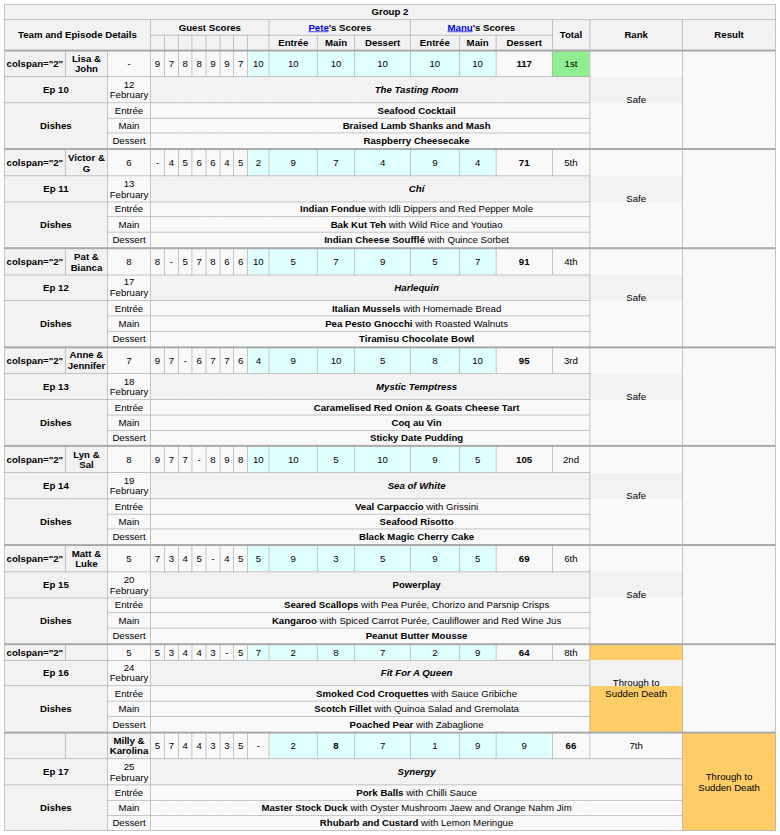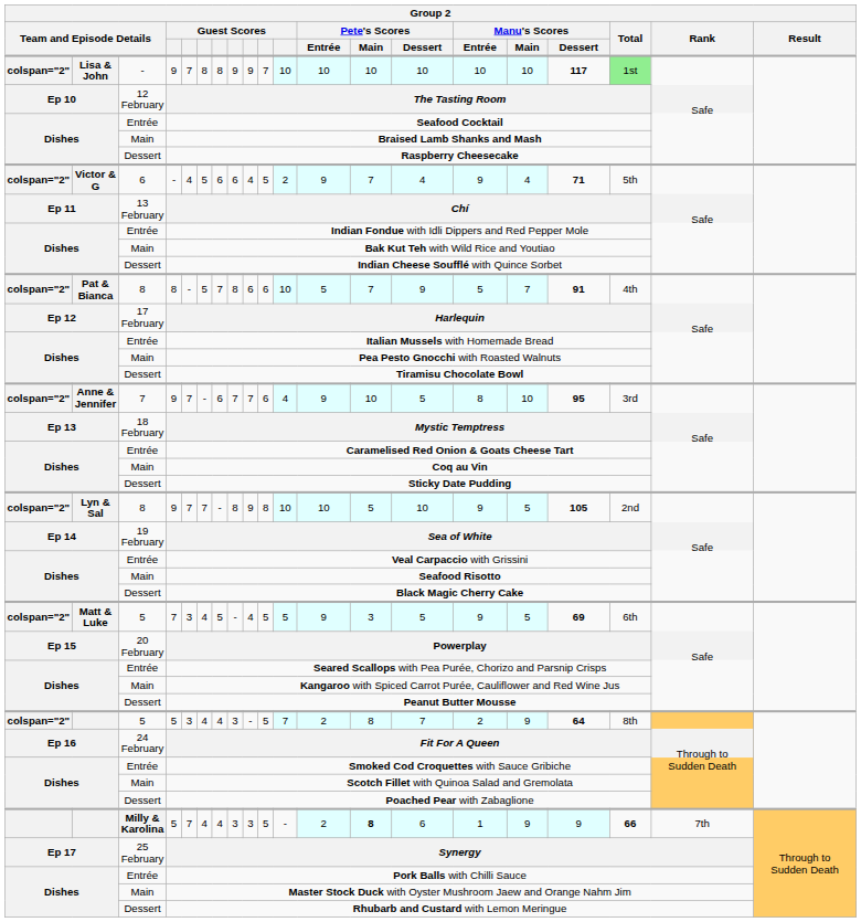 <table class="wikitable plainrowheaders" style="margin:1em auto; text-align:center; font-size:90%; width:80em;">
 <tr>
 <th colspan="20" >Group 2</th>
 </tr>
 <tr>
 <th scope="col" rowspan="2" colspan="3" style="width:5.5%">Team and Episode Details</th>
 <th scope="col" colspan="8">Guest Scores</th>
 <th scope="col" colspan="3"><a href='#'>Pete</a>'s Scores</th>
 <th scope="col" colspan="3"><a href='#'>Manu</a>'s Scores</th>
 <th scope="col" rowspan="2">Total<br><small></small></th>
 <th scope="col" rowspan="2">Rank</th>
 <th scope="col" rowspan="2">Result</th>
 </tr>
 <tr>
 <th scope="col"></th>
 <th scope="col"></th>
 <th scope="col"></th>
 <th scope="col"></th>
 <th scope="col"></th>
 <th scope="col"></th>
 <th scope="col"></th>
 <th scope="col"></th>
 <th scope="col">Entrée</th>
 <th scope="col">Main</th>
 <th scope="col">Dessert</th>
 <th scope="col">Entrée</th>
 <th scope="col">Main</th>
 <th scope="col">Dessert</th>
 </tr>
 <tr style="border-top:3px solid #aaa;">
 </tr>
 <tr>
 <th>colspan="2" </th>
 <th style="text-align:centre">Lisa & John</th>
 <td>-</td>
 <td>9</td>
 <td>7</td>
 <td>8</td>
 <td>8</td>
 <td>9</td>
 <td>9</td>
 <td>7</td>
 <td bgcolor="#e0ffff">10</td>
 <td bgcolor="#e0ffff">10</td>
 <td bgcolor="#e0ffff">10</td>
 <td bgcolor="#e0ffff">10</td>
 <td bgcolor="#e0ffff">10</td>
 <td bgcolor="#e0ffff">10</td>
 <td><strong>117</strong></td>
 <td bgcolor="lightgreen">1st</td>
 <td rowspan="5">Safe</td>
 </tr>
 <tr>
 <th colspan="2">Ep 10</th>
 <td>12 February</td>
 <th colspan="16"><em>The Tasting Room</em></th>
 </tr>
 <tr>
 <th colspan="2" rowspan="3">Dishes</th>
 <td>Entrée</td>
 <td colspan="16"><strong>Seafood Cocktail</strong></td>
 </tr>
 <tr>
 <td>Main</td>
 <td colspan="16"><strong>Braised Lamb Shanks and Mash</strong></td>
 </tr>
 <tr>
 <td>Dessert</td>
 <td colspan="16"><strong>Raspberry Cheesecake</strong></td>
 </tr>
 <tr style="border-top:3px solid #aaa;">
 <th>colspan="2" </th>
 <th style="text-align:centre">Victor & G</th>
 <td>6</td>
 <td>-</td>
 <td>4</td>
 <td>5</td>
 <td>6</td>
 <td>6</td>
 <td>4</td>
 <td>5</td>
 <td bgcolor="#e0ffff">2</td>
 <td bgcolor="#e0ffff">9</td>
 <td bgcolor="#e0ffff">7</td>
 <td bgcolor="#e0ffff">4</td>
 <td bgcolor="#e0ffff">9</td>
 <td bgcolor="#e0ffff">4</td>
 <td><strong>71</strong></td>
 <td>5th</td>
 <td rowspan="5">Safe</td>
 </tr>
 <tr>
 <th colspan="2">Ep 11</th>
 <td>13 February</td>
 <th colspan="16"><em>Chí</em></th>
 </tr>
 <tr>
 <th colspan="2" rowspan="3">Dishes</th>
 <td>Entrée</td>
 <td colspan="16"><strong>Indian Fondue</strong> with Idli Dippers and Red Pepper Mole</td>
 </tr>
 <tr>
 <td>Main</td>
 <td colspan="16"><strong>Bak Kut Teh</strong> with Wild Rice and Youtiao</td>
 </tr>
 <tr>
 <td>Dessert</td>
 <td colspan="16"><strong>Indian Cheese Soufflé</strong> with Quince Sorbet</td>
 </tr>
 <tr style="border-top:3px solid #aaa;">
 <th>colspan="2" </th>
 <th style="text-align:centre">Pat & Bianca</th>
 <td>8</td>
 <td>8</td>
 <td>-</td>
 <td>5</td>
 <td>7</td>
 <td>8</td>
 <td>6</td>
 <td>6</td>
 <td bgcolor="#e0ffff">10</td>
 <td bgcolor="#e0ffff">5</td>
 <td bgcolor="#e0ffff">7</td>
 <td bgcolor="#e0ffff">9</td>
 <td bgcolor="#e0ffff">5</td>
 <td bgcolor="#e0ffff">7</td>
 <td><strong>91</strong></td>
 <td>4th</td>
 <td rowspan="5">Safe</td>
 </tr>
 <tr>
 <th colspan="2">Ep 12</th>
 <td>17 February</td>
 <th colspan="16"><em>Harlequin</em></th>
 </tr>
 <tr>
 <th colspan="2" rowspan="3">Dishes</th>
 <td>Entrée</td>
 <td colspan="16"><strong>Italian Mussels</strong> with Homemade Bread</td>
 </tr>
 <tr>
 <td>Main</td>
 <td colspan="16"><strong>Pea Pesto Gnocchi</strong> with Roasted Walnuts</td>
 </tr>
 <tr>
 <td>Dessert</td>
 <td colspan="16"><strong> Tiramisu Chocolate Bowl</strong></td>
 </tr>
 <tr style="border-top:3px solid #aaa;">
 <th>colspan="2" </th>
 <th style="text-align:centre">Anne & Jennifer</th>
 <td>7</td>
 <td>9</td>
 <td>7</td>
 <td>-</td>
 <td>6</td>
 <td>7</td>
 <td>7</td>
 <td>6</td>
 <td bgcolor="#e0ffff">4</td>
 <td bgcolor="#e0ffff">9</td>
 <td bgcolor="#e0ffff">10</td>
 <td bgcolor="#e0ffff">5</td>
 <td bgcolor="#e0ffff">8</td>
 <td bgcolor="#e0ffff">10</td>
 <td><strong>95</strong></td>
 <td>3rd</td>
 <td rowspan="5">Safe</td>
 </tr>
 <tr>
 <th colspan="2">Ep 13</th>
 <td>18 February</td>
 <th colspan="16"><em>Mystic Temptress</em></th>
 </tr>
 <tr>
 <th colspan="2" rowspan="3">Dishes</th>
 <td>Entrée</td>
 <td colspan="16"><strong>Caramelised Red Onion & Goats Cheese Tart</strong></td>
 </tr>
 <tr>
 <td>Main</td>
 <td colspan="16"><strong>Coq au Vin</strong></td>
 </tr>
 <tr>
 <td>Dessert</td>
 <td colspan="16"><strong>Sticky Date Pudding</strong></td>
 </tr>
 <tr style="border-top:3px solid #aaa;">
 <th>colspan="2" </th>
 <th style="text-align:centre">Lyn & Sal</th>
 <td>8</td>
 <td>9</td>
 <td>7</td>
 <td>7</td>
 <td>-</td>
 <td>8</td>
 <td>9</td>
 <td>8</td>
 <td bgcolor="#e0ffff">10</td>
 <td bgcolor="#e0ffff">10</td>
 <td bgcolor="#e0ffff">5</td>
 <td bgcolor="#e0ffff">10</td>
 <td bgcolor="#e0ffff">9</td>
 <td bgcolor="#e0ffff">5</td>
 <td><strong>105</strong></td>
 <td>2nd</td>
 <td rowspan="5">Safe</td>
 </tr>
 <tr>
 <th colspan="2">Ep 14</th>
 <td>19 February</td>
 <th colspan="16"><em>Sea of White</em></th>
 </tr>
 <tr>
 <th colspan="2" rowspan="3">Dishes</th>
 <td>Entrée</td>
 <td colspan="16"><strong>Veal Carpaccio</strong> with Grissini</td>
 </tr>
 <tr>
 <td>Main</td>
 <td colspan="16"><strong>Seafood Risotto</strong></td>
 </tr>
 <tr>
 <td>Dessert</td>
 <td colspan="16"><strong>Black Magic Cherry Cake</strong></td>
 </tr>
 <tr style="border-top:3px solid #aaa;">
 <th>colspan="2" </th>
 <th style="text-align:centre">Matt & Luke</th>
 <td>5</td>
 <td>7</td>
 <td>3</td>
 <td>4</td>
 <td>5</td>
 <td>-</td>
 <td>4</td>
 <td>5</td>
 <td bgcolor="#e0ffff">5</td>
 <td bgcolor="#e0ffff">9</td>
 <td bgcolor="#e0ffff">3</td>
 <td bgcolor="#e0ffff">5</td>
 <td bgcolor="#e0ffff">9</td>
 <td bgcolor="#e0ffff">5</td>
 <td><strong>69</strong></td>
 <td>6th</td>
 <td rowspan="5">Safe</td>
 </tr>
 <tr>
 <th colspan="2">Ep 15</th>
 <td>20 February</td>
 <th colspan="16">Powerplay</th>
 </tr>
 <tr>
 <th colspan="2" rowspan="3">Dishes</th>
 <td>Entrée</td>
 <td colspan="16"><strong>Seared Scallops</strong> with Pea Purée, Chorizo and Parsnip Crisps</td>
 </tr>
 <tr>
 <td>Main</td>
 <td colspan="16"><strong>Kangaroo</strong> with Spiced Carrot Purée, Cauliflower and Red Wine Jus</td>
 </tr>
 <tr>
 <td>Dessert</td>
 <td colspan="16"><strong>Peanut Butter Mousse</strong></td>
 </tr>
 <tr style="border-top:3px solid #aaa;">
 <th>colspan="2" </th>
 <th style="text-align:centre"></th>
 <td>5</td>
 <td>5</td>
 <td>3</td>
 <td>4</td>
 <td>4</td>
 <td>3</td>
 <td>-</td>
 <td>5</td>
 <td bgcolor="#e0ffff">7</td>
 <td bgcolor="#e0ffff">2</td>
 <td bgcolor="#e0ffff">8</td>
 <td bgcolor="#e0ffff">7</td>
 <td bgcolor="#e0ffff">2</td>
 <td bgcolor="#e0ffff">9</td>
 <td><strong>64</strong></td>
 <td>8th</td>
 <td rowspan="5" style="background:#FFCC66">Through to <br> Sudden Death</td>
 </tr>
 <tr>
 <th colspan="2">Ep 16</th>
 <td>24 February</td>
 <th colspan="16"><em>Fit For A Queen</em></th>
 </tr>
 <tr>
 <th colspan="2" rowspan="3">Dishes</th>
 <td>Entrée</td>
 <td colspan="16"><strong>Smoked Cod Croquettes</strong> with Sauce Gribiche</td>
 </tr>
 <tr>
 <td>Main</td>
 <td colspan="16"><strong>Scotch Fillet</strong> with Quinoa Salad and Gremolata</td>
 </tr>
 <tr>
 <td>Dessert</td>
 <td colspan="16"><strong>Poached Pear</strong> with Zabaglione</td>
 </tr>
 <tr style="border-top:3px solid #aaa;">
 <th></th>
 <th></th>
 <th style="text-align:centre">Milly & Karolina</th>
 <td>5</td>
 <td>7</td>
 <td>4</td>
 <td>4</td>
 <td>3</td>
 <td>3</td>
 <td>5</td>
 <td>-</td>
 <td bgcolor="#e0ffff">2</td>
 <td bgcolor="#e0ffff"><strong>8</strong></td>
-<td bgcolor="#e0ffff">7</td>
+<td bgcolor="#e0ffff">6</td>
 <td bgcolor="#e0ffff">1</td>
 <td bgcolor="#e0ffff">9</td>
 <td bgcolor="#e0ffff">9</td>
 <td><strong>66</strong></td>
 <td>7th</td>
 <td rowspan="5" style="background:#FFCC66">Through to <br> Sudden Death</td>
 </tr>
 <tr>
 <th colspan="2">Ep 17</th>
 <td>25 February</td>
 <th colspan="16"><em>Synergy</em></th>
 </tr>
 <tr>
 <th colspan="2" rowspan="3">Dishes</th>
 <td>Entrée</td>
 <td colspan="16"><strong>Pork Balls</strong> with Chilli Sauce</td>
 </tr>
 <tr>
 <td>Main</td>
 <td colspan="16"><strong>Master Stock Duck</strong> with Oyster Mushroom Jaew and Orange Nahm Jim</td>
 </tr>
 <tr>
 <td>Dessert</td>
 <td colspan="16"><strong>Rhubarb and Custard</strong> with Lemon Meringue</td>
 </tr>
 </table>
